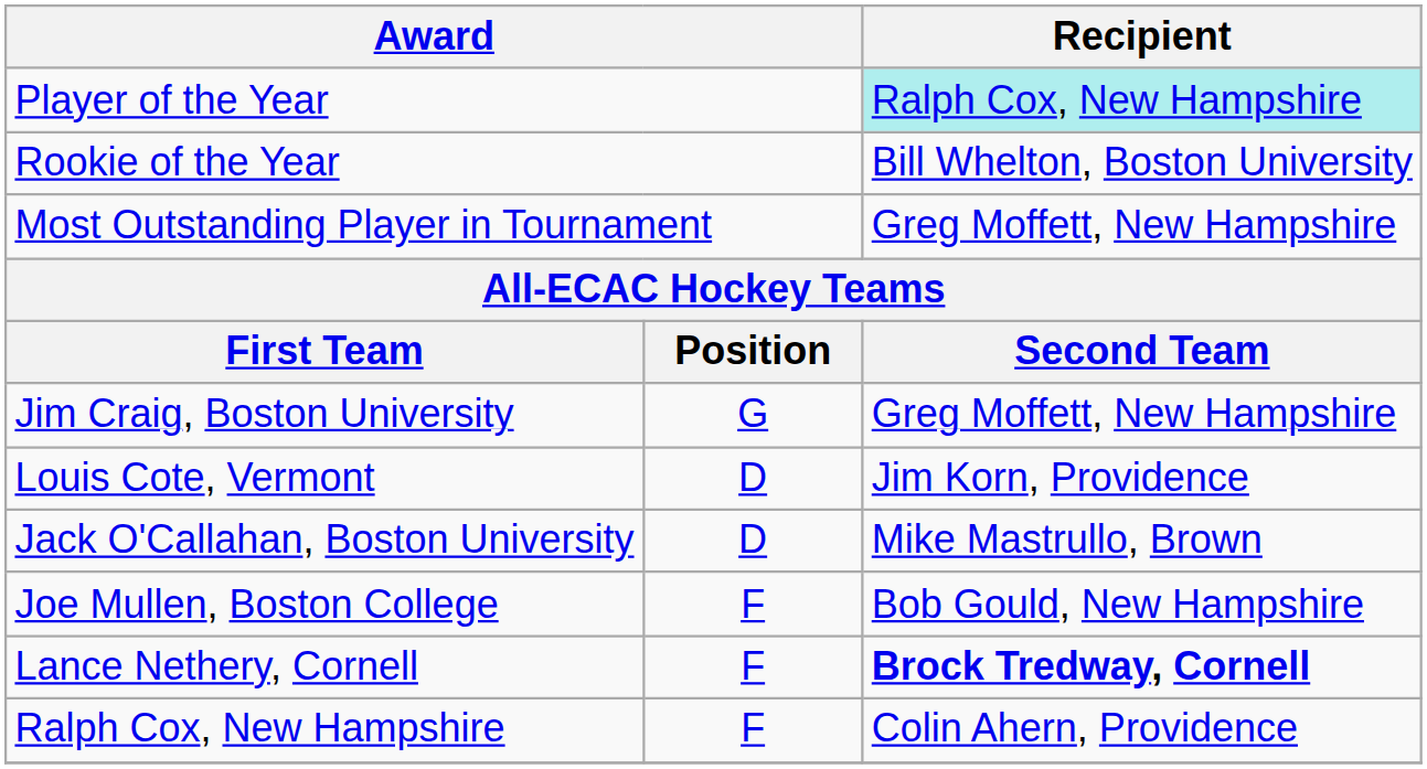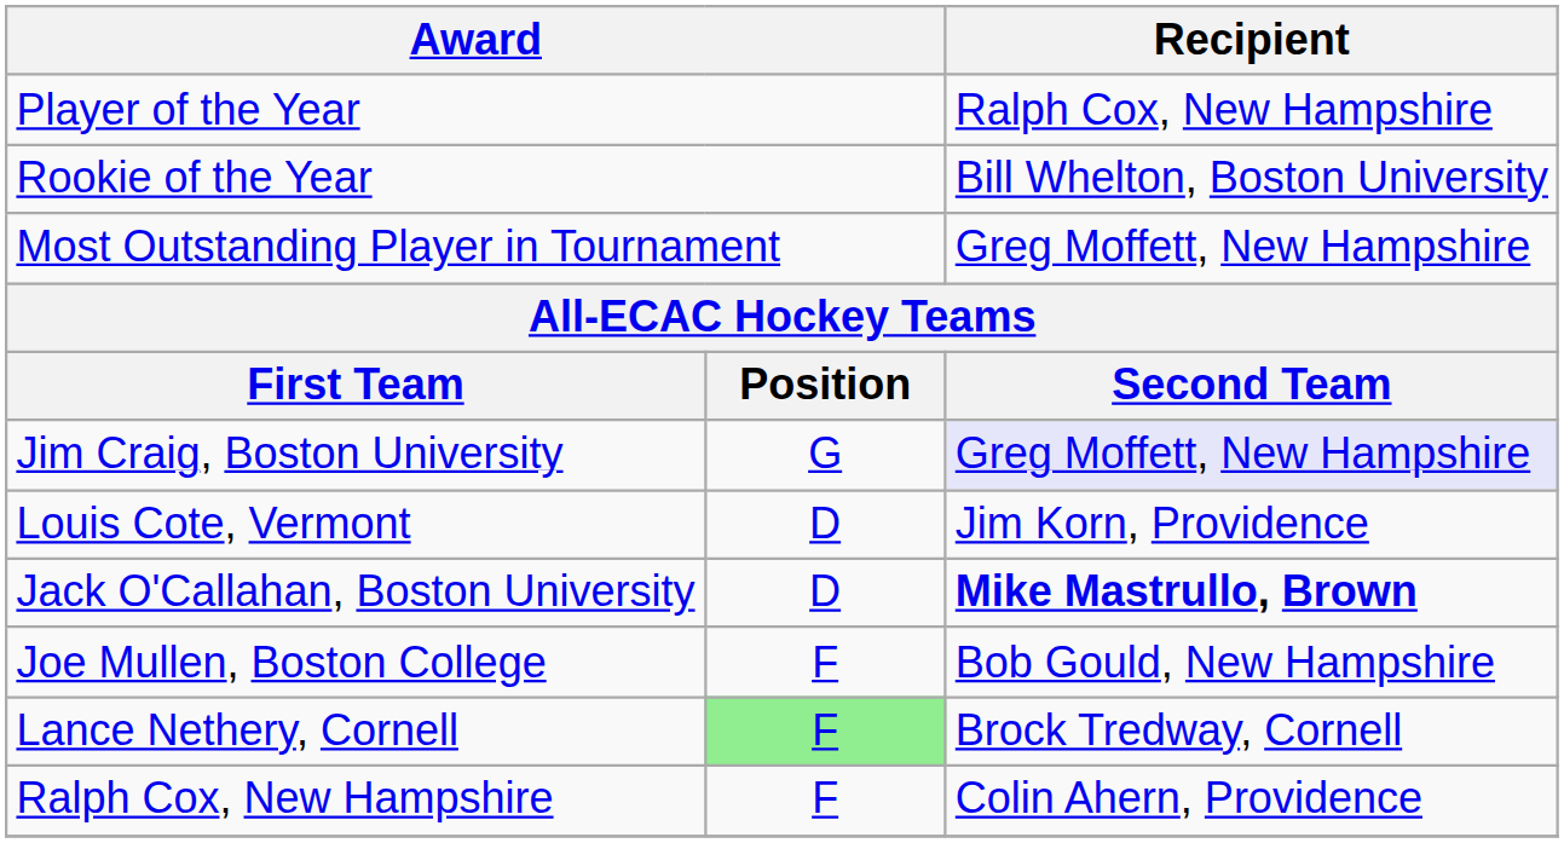 <table class="wikitable">
 <tr>
 <th colspan=2><a href='#'>Award</a></th>
 <th>Recipient</th>
 </tr>
 <tr>
 <td colspan=2><a href='#'>Player of the Year</a></td>
-<td style="background: paleturquoise;"><a href='#'>Ralph Cox</a>, <a href='#'>New Hampshire</a></td>
+<td><a href='#'>Ralph Cox</a>, <a href='#'>New Hampshire</a></td>
 </tr>
 <tr>
 <td colspan=2><a href='#'>Rookie of the Year</a></td>
 <td><a href='#'>Bill Whelton</a>, <a href='#'>Boston University</a></td>
 </tr>
 <tr>
 <td colspan=2><a href='#'>Most Outstanding Player in Tournament</a></td>
 <td><a href='#'>Greg Moffett</a>, <a href='#'>New Hampshire</a></td>
 </tr>
 <tr>
 <th colspan=3><a href='#'>All-ECAC Hockey Teams</a></th>
 </tr>
 <tr>
 <th><a href='#'>First Team</a></th>
 <th>  Position  </th>
 <th><a href='#'>Second Team</a></th>
 </tr>
 <tr>
 <td><a href='#'>Jim Craig</a>, <a href='#'>Boston University</a></td>
 <td align=center><a href='#'>G</a></td>
-<td><a href='#'>Greg Moffett</a>, <a href='#'>New Hampshire</a></td>
+<td style="background: lavender;"><a href='#'>Greg Moffett</a>, <a href='#'>New Hampshire</a></td>
 </tr>
 <tr>
 <td><a href='#'>Louis Cote</a>, <a href='#'>Vermont</a></td>
 <td align=center><a href='#'>D</a></td>
 <td><a href='#'>Jim Korn</a>, <a href='#'>Providence</a></td>
 </tr>
 <tr>
 <td><a href='#'>Jack O'Callahan</a>, <a href='#'>Boston University</a></td>
 <td align=center><a href='#'>D</a></td>
-<td><a href='#'>Mike Mastrullo</a>, <a href='#'>Brown</a></td>
+<td><strong><a href='#'>Mike Mastrullo</a>, <a href='#'>Brown</a></strong></td>
 </tr>
 <tr>
 <td><a href='#'>Joe Mullen</a>, <a href='#'>Boston College</a></td>
 <td align=center><a href='#'>F</a></td>
 <td><a href='#'>Bob Gould</a>, <a href='#'>New Hampshire</a></td>
 </tr>
 <tr>
 <td><a href='#'>Lance Nethery</a>, <a href='#'>Cornell</a></td>
-<td align=center><a href='#'>F</a></td>
-<td><strong><a href='#'>Brock Tredway</a>, <a href='#'>Cornell</a></strong></td>
+<td align=center style="background: lightgreen;"><a href='#'>F</a></td>
+<td><a href='#'>Brock Tredway</a>, <a href='#'>Cornell</a></td>
 </tr>
 <tr>
 <td><a href='#'>Ralph Cox</a>, <a href='#'>New Hampshire</a></td>
 <td align=center><a href='#'>F</a></td>
 <td><a href='#'>Colin Ahern</a>, <a href='#'>Providence</a></td>
 </tr>
 <tr>
 </tr>
 </table>
